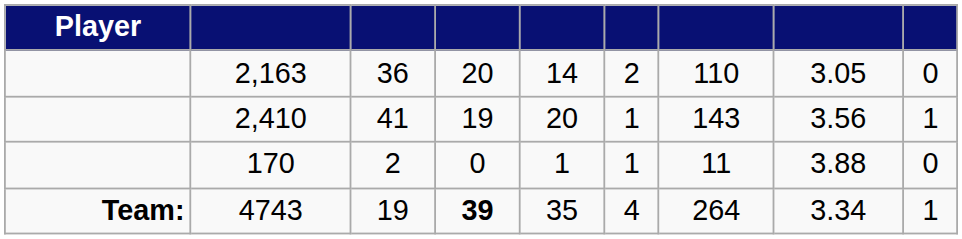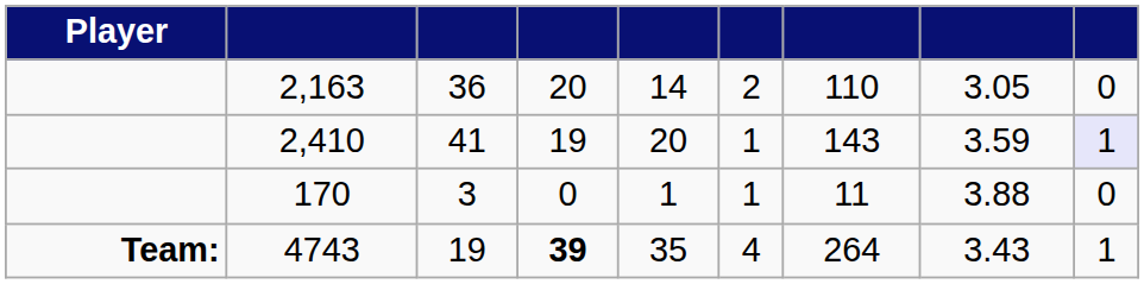 <table class="wikitable sortable" style="width:60%; text-align:center;">
 <tr>
 <th style="color:white; background:#081073; ">Player</th>
 <th style="color:white; background:#081073; "></th>
 <th style="color:white; background:#081073; "></th>
 <th style="color:white; background:#081073; "></th>
 <th style="color:white; background:#081073; "></th>
 <th style="color:white; background:#081073; "></th>
 <th style="color:white; background:#081073; "></th>
 <th style="color:white; background:#081073; "></th>
 <th style="color:white; background:#081073; "></th>
 </tr>
 <tr align="center">
 <td align="right"></td>
 <td>2,163</td>
 <td>36</td>
 <td>20</td>
 <td>14</td>
 <td>2</td>
 <td>110</td>
 <td>3.05</td>
 <td>0</td>
 </tr>
 <tr align="center">
 <td align="right"></td>
 <td>2,410</td>
 <td>41</td>
 <td>19</td>
 <td>20</td>
 <td>1</td>
 <td>143</td>
-<td>3.56</td>
-<td>1</td>
+<td>3.59</td>
+<td style="background: lavender;">1</td>
 </tr>
 <tr align="center">
 <td align="right"></td>
 <td>170</td>
-<td>2</td>
+<td>3</td>
 <td>0</td>
 <td>1</td>
 <td>1</td>
 <td>11</td>
 <td>3.88</td>
 <td>0</td>
 </tr>
 <tr align="center">
 <td align="right"><strong>Team:</strong></td>
 <td>4743</td>
 <td>19</td>
 <td><strong>39</strong></td>
 <td>35</td>
 <td>4</td>
 <td>264</td>
-<td>3.34</td>
+<td>3.43</td>
 <td>1</td>
 </tr>
 </table>
